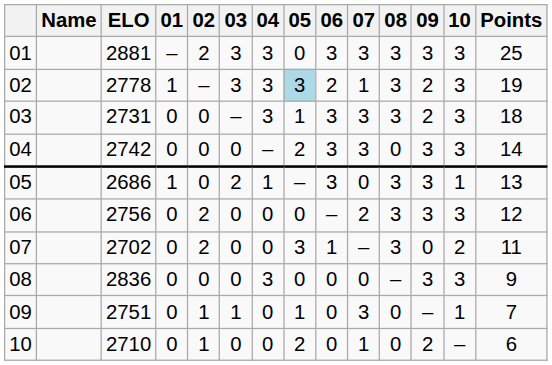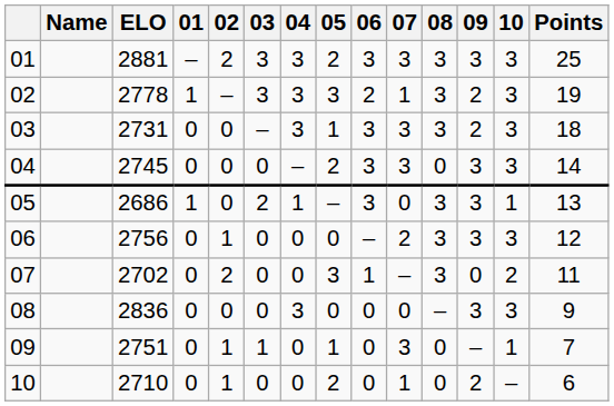 <table class="wikitable" style="text-align:center;">
 <tr>
 <th></th>
 <th>Name</th>
 <th>ELO</th>
 <th>01</th>
 <th>02</th>
 <th>03</th>
 <th>04</th>
 <th>05</th>
 <th>06</th>
 <th>07</th>
 <th>08</th>
 <th>09</th>
 <th>10</th>
 <th>Points</th>
 </tr>
 <tr>
 <td>01</td>
 <td style="text-align:left;" data-sort-value="Carlsen"></td>
 <td>2881</td>
 <td>–</td>
 <td>2</td>
 <td>3</td>
 <td>3</td>
-<td>0</td>
+<td>2</td>
 <td>3</td>
 <td>3</td>
 <td>3</td>
 <td>3</td>
 <td>3</td>
 <td>25</td>
 </tr>
 <tr>
 <td>02</td>
 <td style="text-align:left;" data-sort-value="Nepomniachtchi"></td>
 <td>2778</td>
 <td>1</td>
 <td>–</td>
 <td>3</td>
 <td>3</td>
-<td style="background: lightblue;">3</td>
+<td>3</td>
 <td>2</td>
 <td>1</td>
 <td>3</td>
 <td>2</td>
 <td>3</td>
 <td>19</td>
 </tr>
 <tr>
 <td>03</td>
 <td style="text-align:left;" data-sort-value="Giri"></td>
 <td>2731</td>
 <td>0</td>
 <td>0</td>
 <td>–</td>
 <td>3</td>
 <td>1</td>
 <td>3</td>
 <td>3</td>
 <td>3</td>
 <td>2</td>
 <td>3</td>
 <td>18</td>
 </tr>
 <tr>
 <td>04</td>
 <td style="text-align:left;" data-sort-value="Svidler"></td>
-<td>2742</td>
+<td>2745</td>
 <td>0</td>
 <td>0</td>
 <td>0</td>
 <td>–</td>
 <td>2</td>
 <td>3</td>
 <td>3</td>
 <td>0</td>
 <td>3</td>
 <td>3</td>
 <td>14</td>
 </tr>
 <tr>
 <td style="border-top: 2px solid #000000;">05</td>
 <td style="text-align:left; border-top: 2px solid #000000;" data-sort-value="Ivanchuk"></td>
 <td style="border-top: 2px solid #000000;">2686</td>
 <td style="border-top: 2px solid #000000;">1</td>
 <td style="border-top: 2px solid #000000;">0</td>
 <td style="border-top: 2px solid #000000;">2</td>
 <td style="border-top: 2px solid #000000;">1</td>
 <td style="border-top: 2px solid #000000;">–</td>
 <td style="border-top: 2px solid #000000;">3</td>
 <td style="border-top: 2px solid #000000;">0</td>
 <td style="border-top: 2px solid #000000;">3</td>
 <td style="border-top: 2px solid #000000;">3</td>
 <td style="border-top: 2px solid #000000;">1</td>
 <td style="border-top: 2px solid #000000;">13</td>
 </tr>
 <tr>
 <td>06</td>
 <td style="text-align:left;" data-sort-value="Kramnik"></td>
 <td>2756</td>
 <td>0</td>
-<td>2</td>
+<td>1</td>
 <td>0</td>
 <td>0</td>
 <td>0</td>
 <td>–</td>
 <td>2</td>
 <td>3</td>
 <td>3</td>
 <td>3</td>
 <td>12</td>
 </tr>
 <tr>
 <td>07</td>
 <td style="text-align:left;" data-sort-value="Gelfand"></td>
 <td>2702</td>
 <td>0</td>
 <td>2</td>
 <td>0</td>
 <td>0</td>
 <td>3</td>
 <td>1</td>
 <td>–</td>
 <td>3</td>
 <td>0</td>
 <td>2</td>
 <td>11</td>
 </tr>
 <tr>
 <td>08</td>
 <td style="text-align:left;" data-sort-value="Ding"></td>
 <td>2836</td>
 <td>0</td>
 <td>0</td>
 <td>0</td>
 <td>3</td>
 <td>0</td>
 <td>0</td>
 <td>0</td>
 <td>–</td>
 <td>3</td>
 <td>3</td>
 <td>9</td>
 </tr>
 <tr>
 <td>09</td>
 <td style="text-align:left;" data-sort-value="Anand"></td>
 <td>2751</td>
 <td>0</td>
 <td>1</td>
 <td>1</td>
 <td>0</td>
 <td>1</td>
 <td>0</td>
 <td>3</td>
 <td>0</td>
 <td>–</td>
 <td>1</td>
 <td>7</td>
 </tr>
 <tr>
 <td>10</td>
 <td style="text-align:left;" data-sort-value="Leko"></td>
 <td>2710</td>
 <td>0</td>
 <td>1</td>
 <td>0</td>
 <td>0</td>
 <td>2</td>
 <td>0</td>
 <td>1</td>
 <td>0</td>
 <td>2</td>
 <td>–</td>
 <td>6</td>
 </tr>
 </table>
